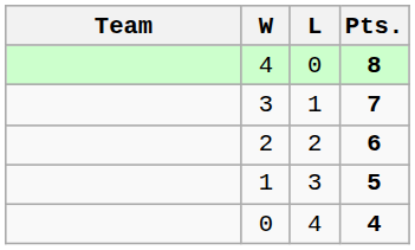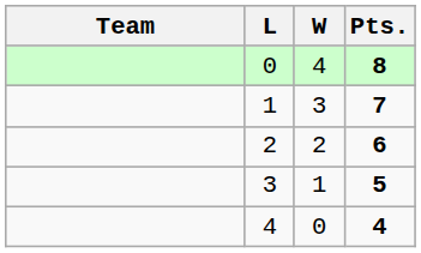 <table class=wikitable style=text-align:center;>
 <tr>
 <th width=120px>Team</th>
+<th width=20px>L</th>
 <th width=20px>W</th>
-<th width=20px>L</th>
 <th width=30px>Pts.</th>
 </tr>
 <tr bgcolor="#ccffcc">
 <td align=left></td>
+<td>0</td>
 <td>4</td>
-<td>0</td>
 <td><strong>8</strong></td>
 </tr>
 <tr>
 <td align=left></td>
+<td>1</td>
 <td>3</td>
-<td>1</td>
 <td><strong>7</strong></td>
 </tr>
 <tr>
 <td align=left></td>
 <td>2</td>
 <td>2</td>
 <td><strong>6</strong></td>
 </tr>
 <tr>
 <td align=left></td>
+<td>3</td>
 <td>1</td>
-<td>3</td>
 <td><strong>5</strong></td>
 </tr>
 <tr>
 <td align=left></td>
+<td>4</td>
 <td>0</td>
-<td>4</td>
 <td><strong>4</strong></td>
 </tr>
 </table>
